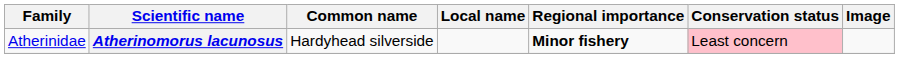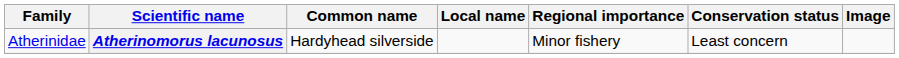 <table class="wikitable sortable">
 <tr>
 <th>Family</th>
 <th><a href='#'>Scientific name</a></th>
 <th><strong>Common name</strong></th>
 <th><strong>Local name</strong></th>
 <th>Regional importance</th>
 <th>Conservation status</th>
 <th>Image</th>
 </tr>
 <tr>
 <td><a href='#'>Atherinidae</a></td>
 <th><em><a href='#'>Atherinomorus lacunosus</a></em></th>
 <td>Hardyhead silverside</td>
 <td></td>
-<td><strong>Minor fishery</strong></td>
-<td style="background: pink;">Least concern</td>
+<td>Minor fishery</td>
+<td>Least concern</td>
 <td></td>
 </tr>
 <tr>
 </tr>
 </table>
